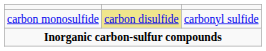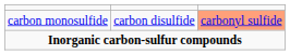 <table class="wikitable" style="text-align:center;">
 <tr>
 <td></td>
 <td></td>
 <td></td>
 </tr>
 <tr>
 <td><a href='#'>carbon monosulfide</a></td>
-<td style="background: khaki;"><a href='#'>carbon disulfide</a></td>
-<td><a href='#'>carbonyl sulfide</a></td>
+<td><a href='#'>carbon disulfide</a></td>
+<td style="background: lightsalmon;"><a href='#'>carbonyl sulfide</a></td>
 </tr>
 <tr>
 <td Colspan=100%><strong>Inorganic carbon-sulfur compounds</strong></td>
 </tr>
 </table>
